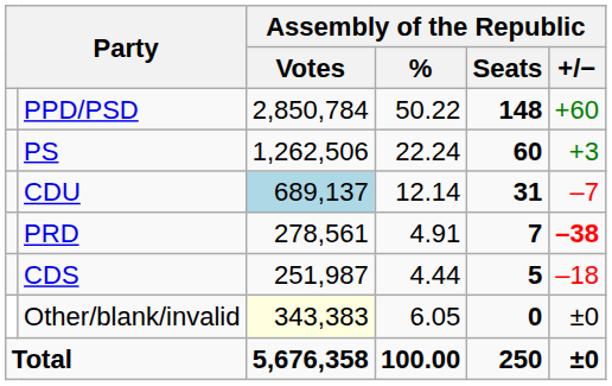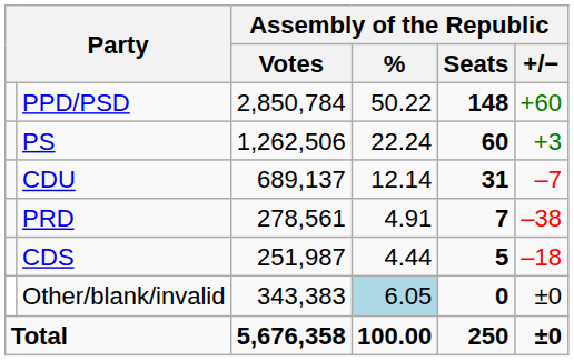 <table class="wikitable" style="text-align:right; font-size:95%;">
 <tr>
 <th colspan="2" rowspan="2">Party</th>
 <th colspan="4">Assembly of the Republic</th>
 </tr>
 <tr>
 <th>Votes</th>
 <th>%</th>
 <th>Seats</th>
 <th>+/−</th>
 </tr>
 <tr>
 <td style="background:"></td>
 <td align="left"><a href='#'>PPD/PSD</a></td>
 <td>2,850,784</td>
 <td>50.22</td>
 <td><strong>148</strong></td>
 <td style="color:green;">+60</td>
 </tr>
 <tr>
 <td style="background:"></td>
 <td align="left"><a href='#'>PS</a></td>
 <td>1,262,506</td>
 <td>22.24</td>
 <td><strong>60</strong></td>
 <td style="color:green;">+3</td>
 </tr>
 <tr>
 <td style="background:"></td>
 <td align="left"><a href='#'>CDU</a></td>
-<td style="background: lightblue;">689,137</td>
+<td>689,137</td>
 <td>12.14</td>
 <td><strong>31</strong></td>
 <td style="color:red;">–7</td>
 </tr>
 <tr>
 <td style="background:"></td>
 <td align="left"><a href='#'>PRD</a></td>
 <td>278,561</td>
 <td>4.91</td>
 <td><strong>7</strong></td>
-<td style="color:red;"><strong>–38</strong></td>
+<td style="color:red;">–38</td>
 </tr>
 <tr>
 <td style="background:"></td>
 <td align="left"><a href='#'>CDS</a></td>
 <td>251,987</td>
 <td>4.44</td>
 <td><strong>5</strong></td>
 <td style="color:red;">–18</td>
 </tr>
 <tr>
 <td style="background:white;"></td>
 <td align="left">Other/blank/invalid</td>
-<td style="background: lightyellow;">343,383</td>
-<td>6.05</td>
+<td>343,383</td>
+<td style="background: lightblue;">6.05</td>
 <td><strong>0</strong></td>
 <td>±0</td>
 </tr>
 <tr style="font-weight:bold">
 <td colspan="2" align="left">Total</td>
 <td>5,676,358</td>
 <td>100.00</td>
 <td>250</td>
 <td>±0</td>
 </tr>
 </table>
